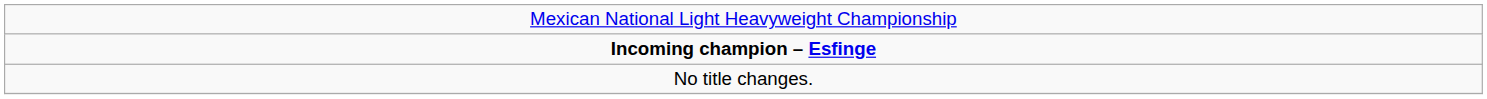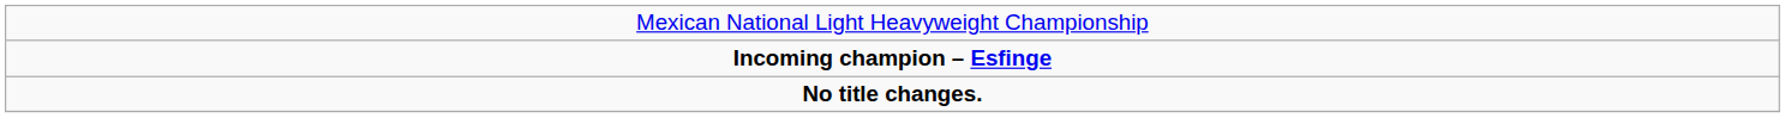 <table class="wikitable" style="text-align:center; width:100%;">
 <tr>
 <td colspan="4" style="text-align: center;"><a href='#'>Mexican National Light Heavyweight Championship</a></td>
 </tr>
 <tr>
 <td colspan="4" style="text-align: center;"><strong>Incoming champion – <a href='#'>Esfinge</a></strong></td>
 </tr>
 <tr>
-<td>No title changes.</td>
+<td><strong>No title changes.</strong></td>
 </tr>
 <tr>
 </tr>
 </table>
